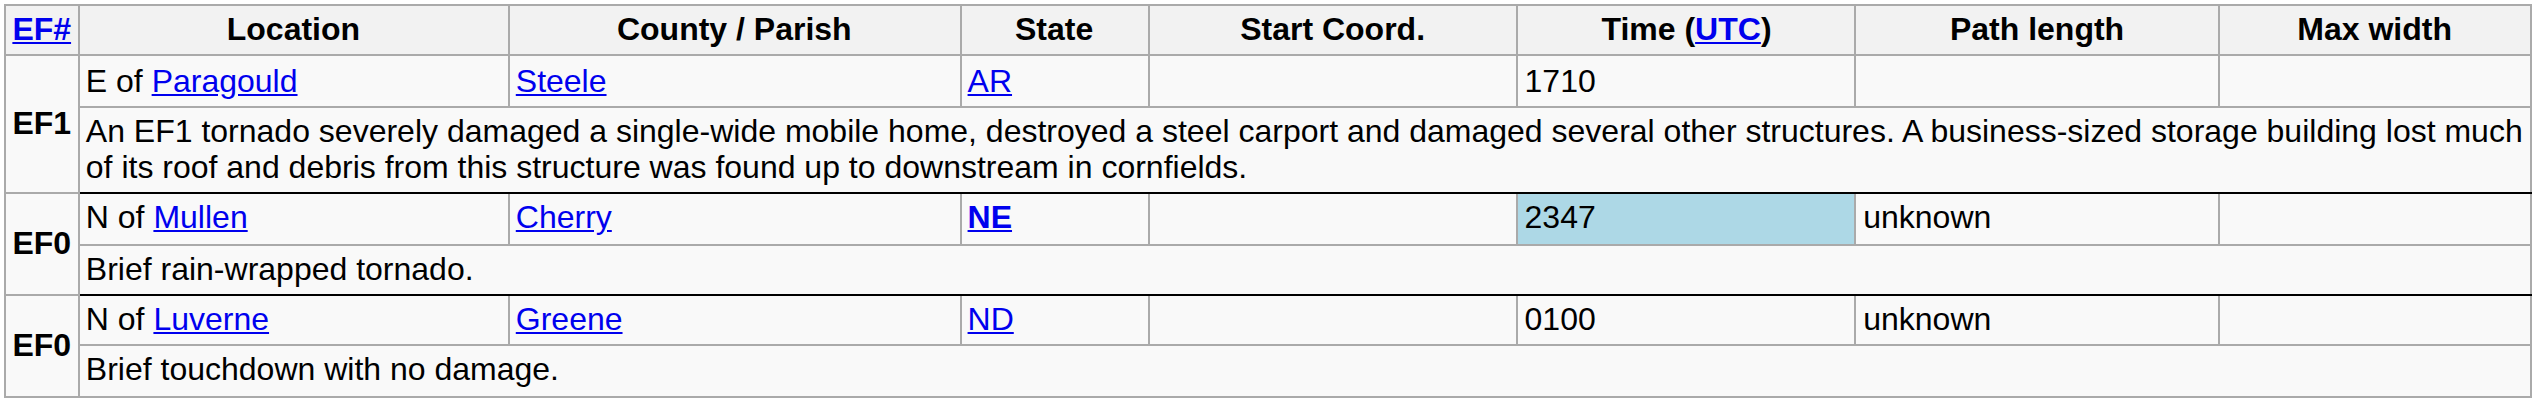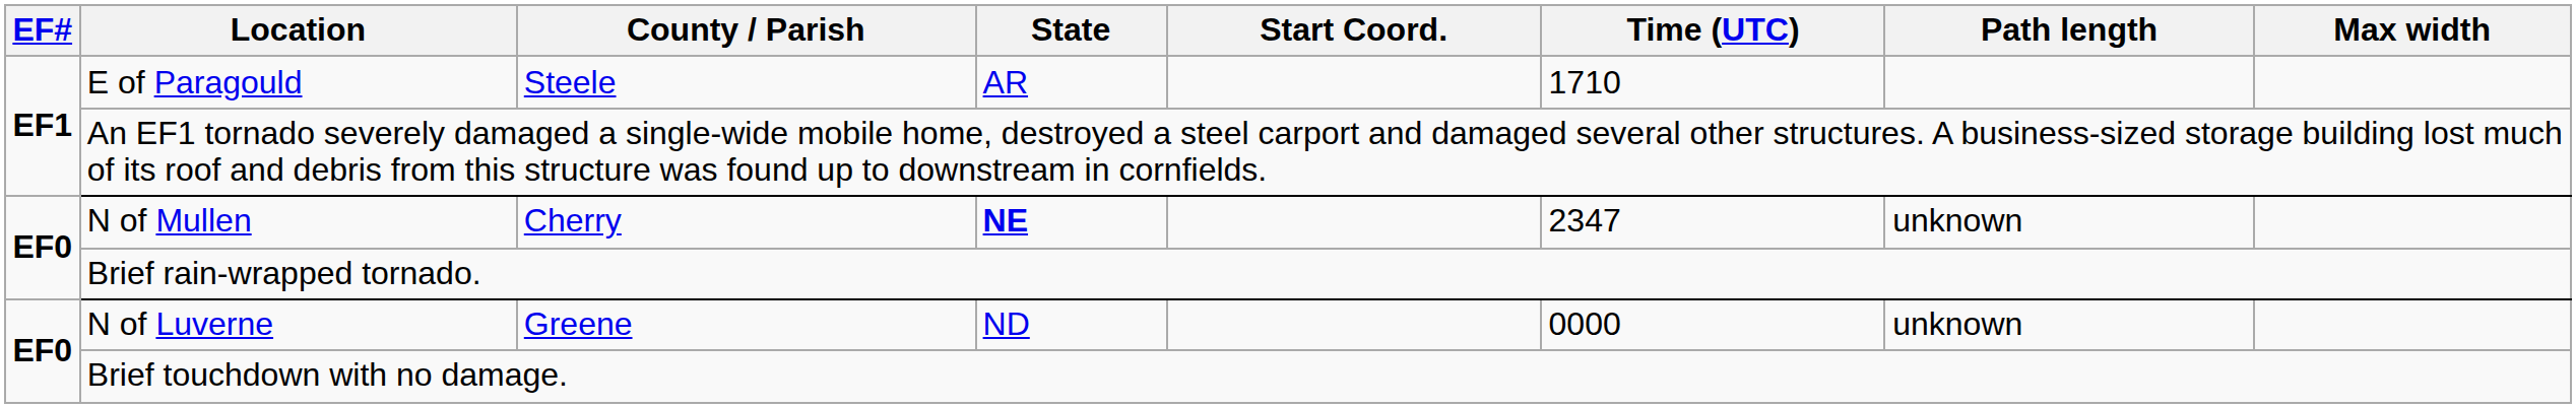 <table class="wikitable sortable" style="width:100%;">
 <tr>
 <th scope="col" width="2%" align="center"><a href='#'>EF#</a></th>
 <th scope="col" align="center" class="unsortable">Location</th>
 <th scope="col" align="center" class="unsortable">County / Parish</th>
 <th scope="col" align="center">State</th>
 <th scope="col" align="center" data-sort-type="number">Start Coord.</th>
 <th scope="col" align="center" data-sort-type="number">Time (<a href='#'>UTC</a>)</th>
 <th scope="col" align="center" data-sort-type="number">Path length</th>
 <th scope="col" align="center" data-sort-type="number">Max width</th>
 </tr>
 <tr>
 <td rowspan="2" align="center"><strong>EF1</strong></td>
 <td>E of <a href='#'>Paragould</a></td>
 <td><a href='#'>Steele</a></td>
 <td><a href='#'>AR</a></td>
 <td></td>
 <td>1710</td>
 <td></td>
 <td></td>
 </tr>
 <tr class="expand-child">
 <td colspan="8" style=" border-bottom: 1px solid black;">An EF1 tornado severely damaged a single-wide mobile home, destroyed a steel carport and damaged several other structures. A business-sized storage building lost much of its roof and debris from this structure was found up to  downstream in cornfields.</td>
 </tr>
 <tr>
 <td rowspan="2" align="center"><strong>EF0</strong></td>
 <td>N of <a href='#'>Mullen</a></td>
 <td><a href='#'>Cherry</a></td>
 <td><strong><a href='#'>NE</a></strong></td>
 <td></td>
-<td style="background: lightblue;">2347</td>
+<td>2347</td>
 <td>unknown</td>
 <td></td>
 </tr>
 <tr class="expand-child">
 <td colspan="8" style=" border-bottom: 1px solid black;">Brief rain-wrapped tornado.</td>
 </tr>
 <tr>
 <td rowspan="2" align="center"><strong>EF0</strong></td>
 <td>N of <a href='#'>Luverne</a></td>
 <td><a href='#'>Greene</a></td>
 <td><a href='#'>ND</a></td>
 <td></td>
-<td>0100</td>
+<td>0000</td>
 <td>unknown</td>
 <td></td>
 </tr>
 <tr class="expand-child">
 <td colspan="8" style=" border-bottom: 1px solid black;">Brief touchdown with no damage.</td>
 </tr>
 <tr>
 </tr>
 </table>
